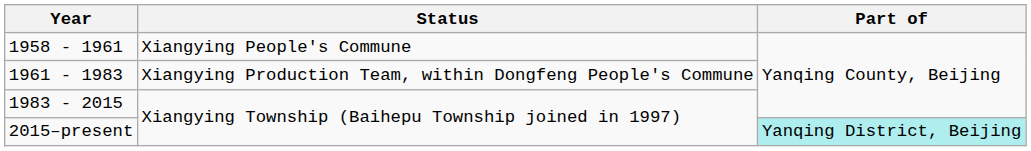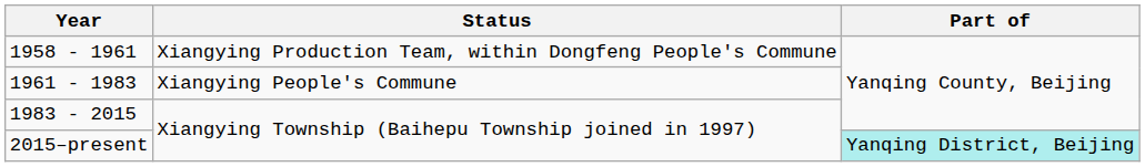 <table class="wikitable">
 <tr>
 <th>Year</th>
 <th>Status</th>
 <th>Part of</th>
 </tr>
 <tr>
 <td>1958 - 1961</td>
-<td>Xiangying People's Commune</td>
+<td>Xiangying Production Team, within Dongfeng People's Commune</td>
 <td rowspan="3">Yanqing County, Beijing</td>
 </tr>
 <tr>
 <td>1961 - 1983</td>
-<td>Xiangying Production Team, within Dongfeng People's Commune</td>
+<td>Xiangying People's Commune</td>
 </tr>
 <tr>
 <td>1983 - 2015</td>
 <td rowspan="2">Xiangying Township (Baihepu Township joined in 1997)</td>
 </tr>
 <tr>
 <td>2015–present</td>
 <td style="background: paleturquoise;">Yanqing District, Beijing</td>
 </tr>
 </table>
